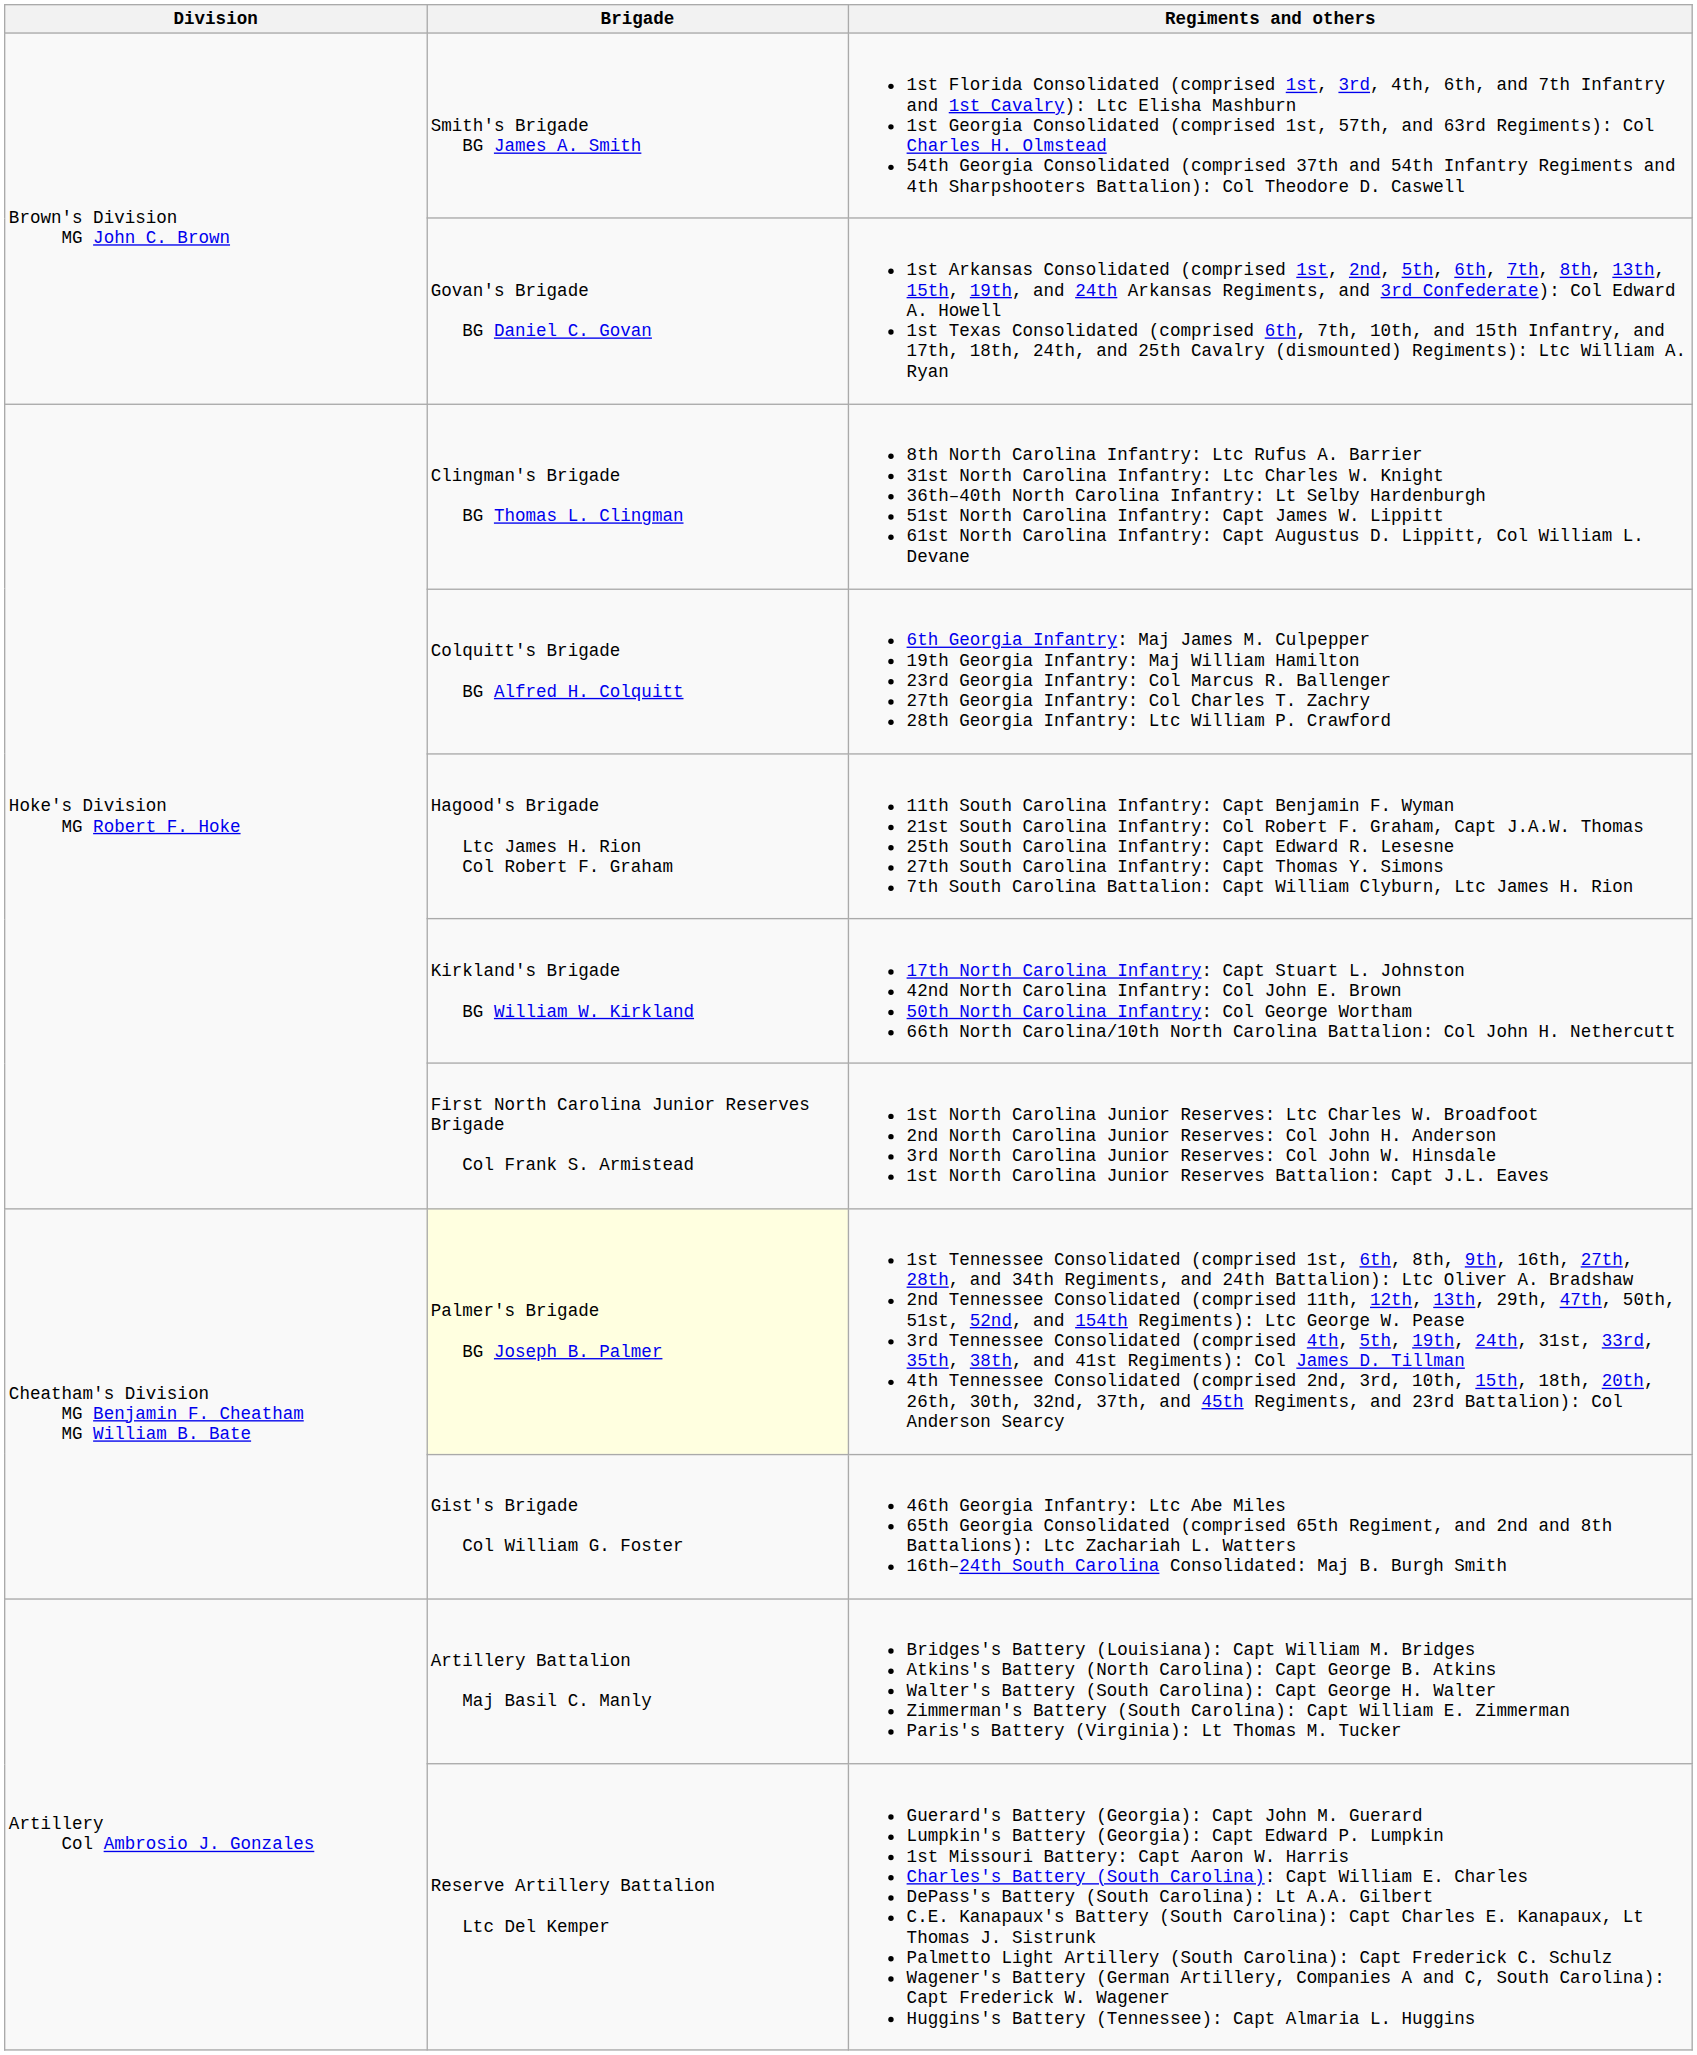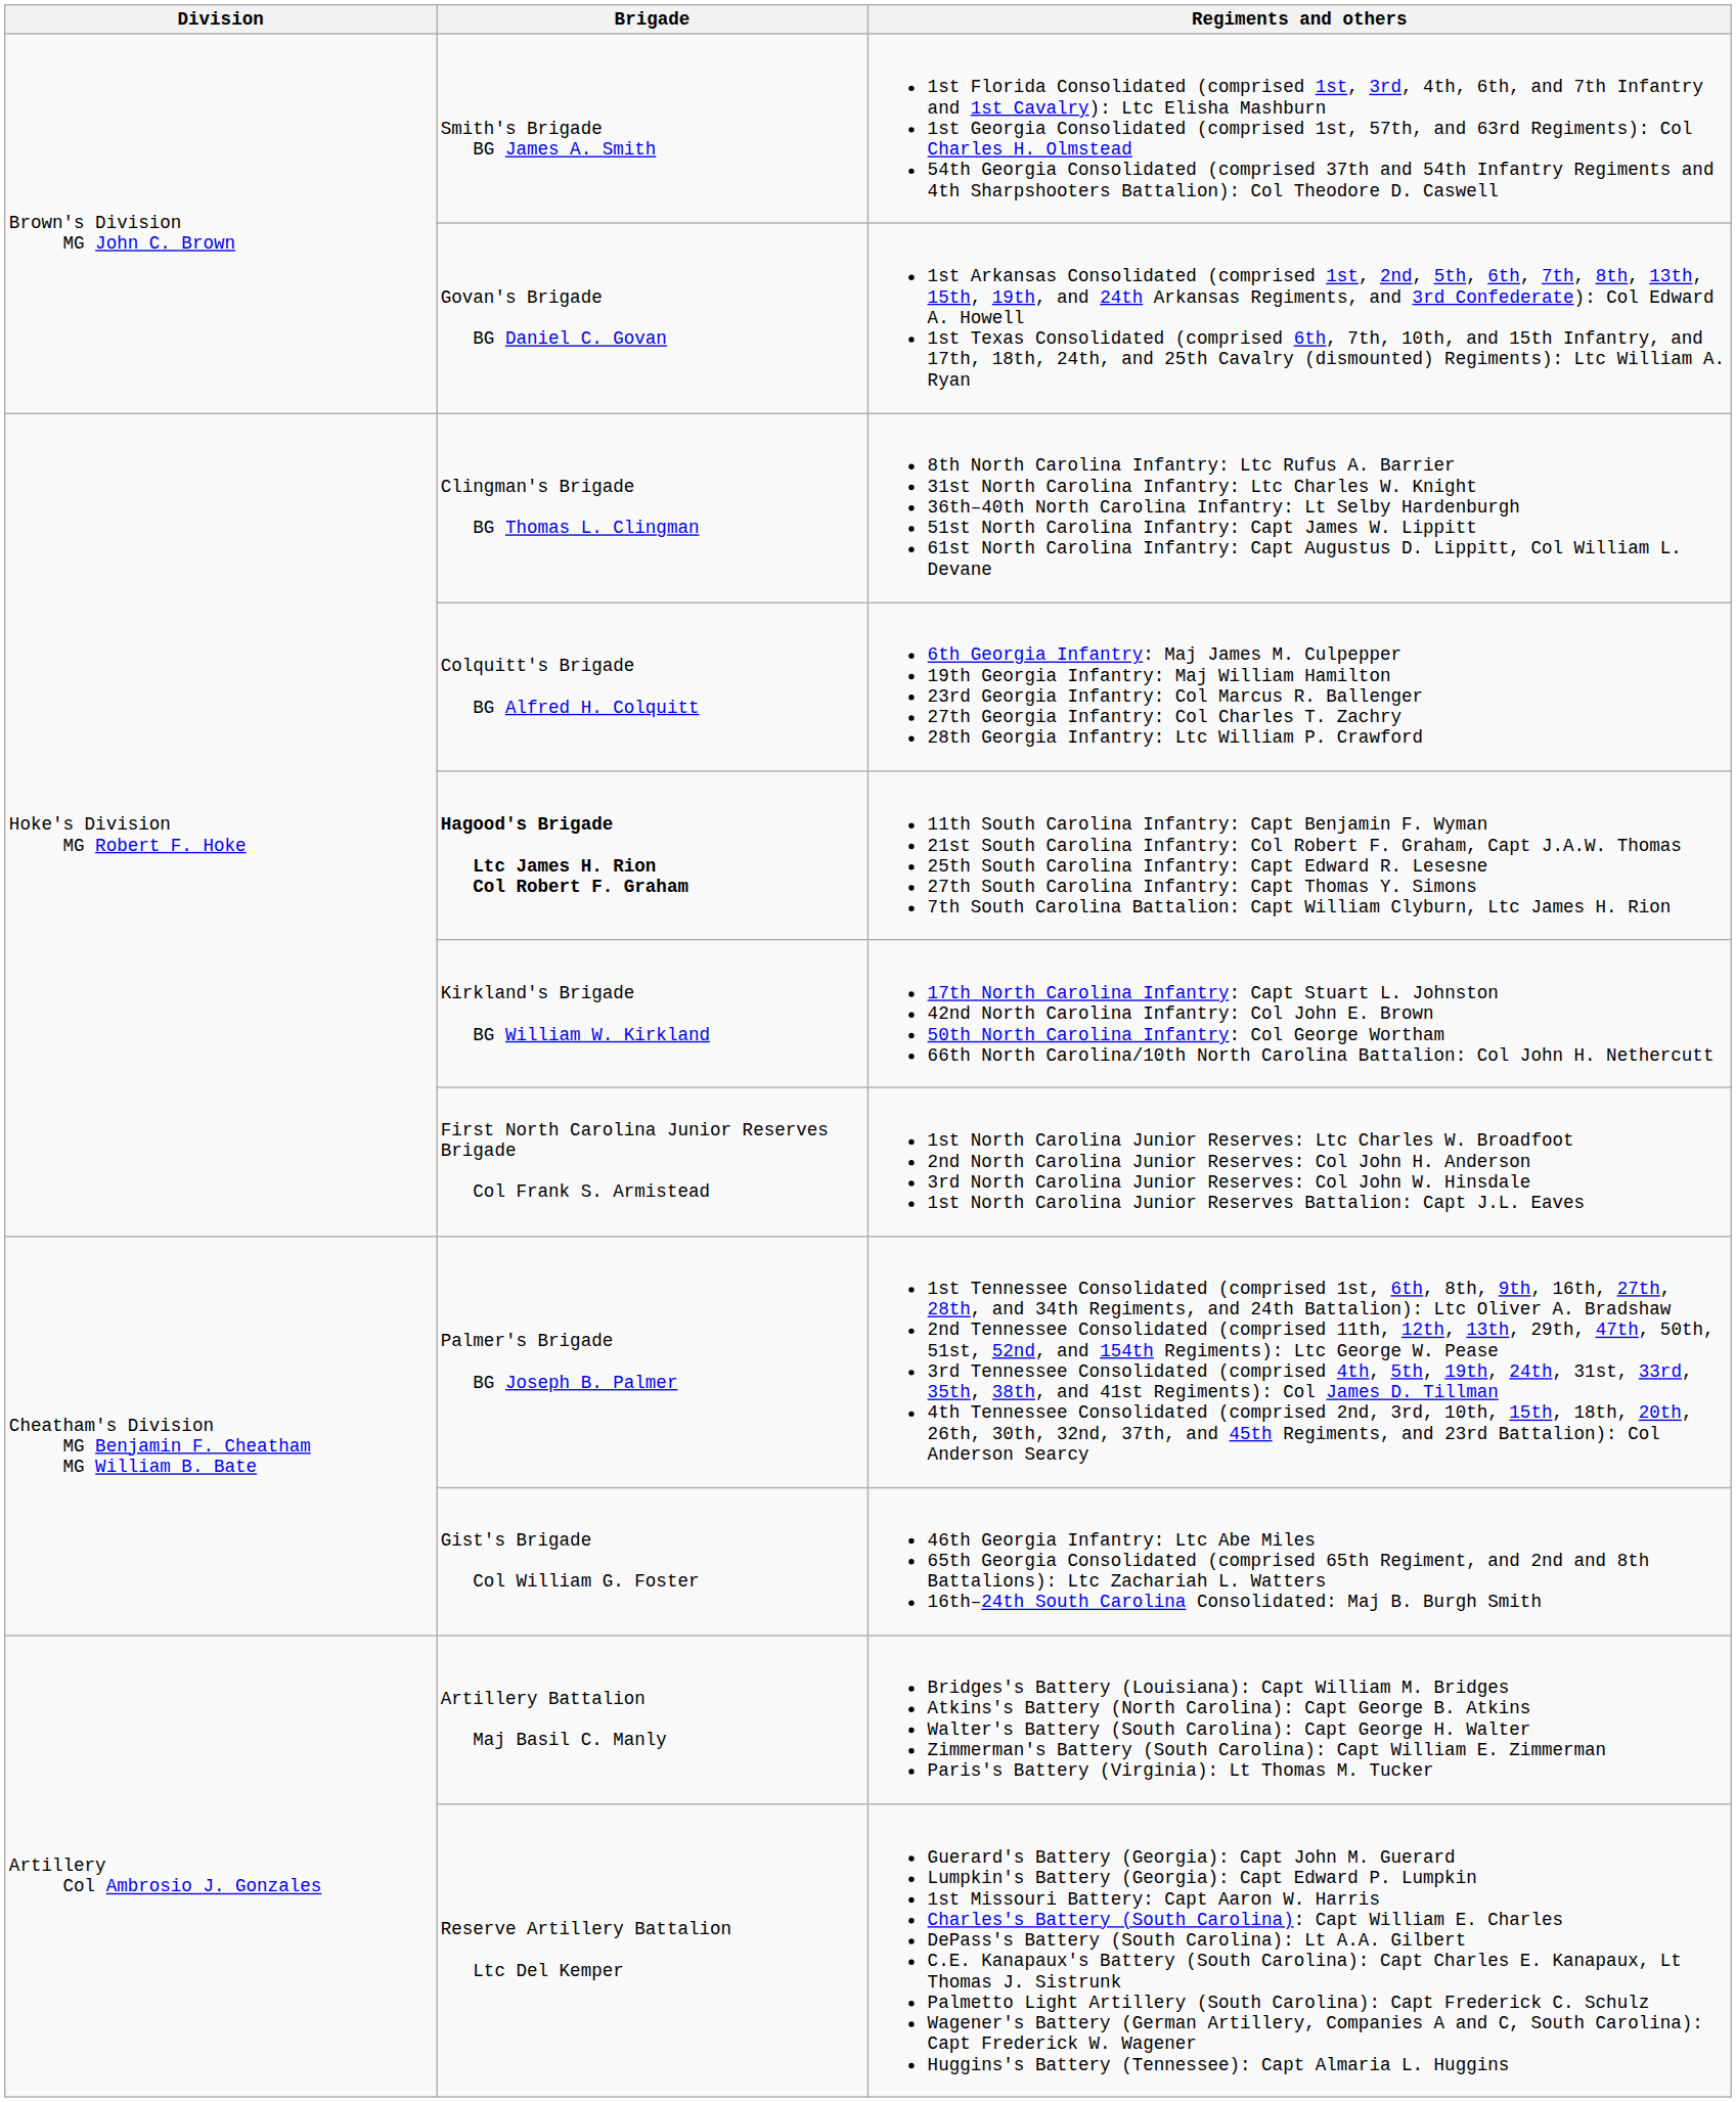 <table class="wikitable">
 <tr>
 <th width=25%>Division</th>
 <th width=25%>Brigade</th>
 <th>Regiments and others</th>
 </tr>
 <tr>
 <td rowspan= 2><br>Brown's Division <br>     MG <a href='#'>John C. Brown</a></td>
 <td><br>Smith's Brigade <br>   BG <a href='#'>James A. Smith</a></td>
 <td><br><ul><li>1st Florida Consolidated (comprised <a href='#'>1st</a>, <a href='#'>3rd</a>, 4th, 6th, and 7th Infantry and <a href='#'>1st Cavalry</a>): Ltc Elisha Mashburn</li><li>1st Georgia Consolidated (comprised 1st, 57th, and 63rd Regiments): Col <a href='#'>Charles H. Olmstead</a></li><li>54th Georgia Consolidated (comprised 37th and 54th Infantry Regiments and 4th Sharpshooters Battalion): Col Theodore D. Caswell</li></ul></td>
 </tr>
 <tr>
 <td>Govan's Brigade<br><br>   BG <a href='#'>Daniel C. Govan</a></td>
 <td><br><ul><li>1st Arkansas Consolidated (comprised <a href='#'>1st</a>, <a href='#'>2nd</a>, <a href='#'>5th</a>, <a href='#'>6th</a>, <a href='#'>7th</a>, <a href='#'>8th</a>, <a href='#'>13th</a>, <a href='#'>15th</a>, <a href='#'>19th</a>, and <a href='#'>24th</a> Arkansas Regiments, and <a href='#'>3rd Confederate</a>): Col Edward A. Howell</li><li>1st Texas Consolidated (comprised <a href='#'>6th</a>, 7th, 10th, and 15th Infantry, and 17th, 18th, 24th, and 25th Cavalry (dismounted) Regiments): Ltc William A. Ryan</li></ul></td>
 </tr>
 <tr>
 <td rowspan=5><br>Hoke's Division <br>     MG <a href='#'>Robert F. Hoke</a></td>
 <td>Clingman's Brigade<br><br>   BG <a href='#'>Thomas L. Clingman</a></td>
 <td><br><ul><li>8th North Carolina Infantry: Ltc Rufus A. Barrier</li><li>31st North Carolina Infantry: Ltc Charles W. Knight</li><li>36th–40th North Carolina Infantry: Lt Selby Hardenburgh</li><li>51st North Carolina Infantry: Capt James W. Lippitt</li><li>61st North Carolina Infantry: Capt Augustus D. Lippitt, Col William L. Devane</li></ul></td>
 </tr>
 <tr>
 <td>Colquitt's Brigade<br><br>   BG <a href='#'>Alfred H. Colquitt</a></td>
 <td><br><ul><li><a href='#'>6th Georgia Infantry</a>: Maj James M. Culpepper</li><li>19th Georgia Infantry: Maj William Hamilton</li><li>23rd Georgia Infantry: Col Marcus R. Ballenger</li><li>27th Georgia Infantry: Col Charles T. Zachry</li><li>28th Georgia Infantry: Ltc William P. Crawford</li></ul></td>
 </tr>
 <tr>
-<td>Hagood's Brigade<br><br>   Ltc James H. Rion <br>   Col Robert F. Graham</td>
+<td><strong>Hagood's Brigade<br><br>   Ltc James H. Rion <br>   Col Robert F. Graham</strong></td>
 <td><br><ul><li>11th South Carolina Infantry: Capt Benjamin F. Wyman</li><li>21st South Carolina Infantry: Col Robert F. Graham, Capt J.A.W. Thomas</li><li>25th South Carolina Infantry: Capt Edward R. Lesesne</li><li>27th South Carolina Infantry: Capt Thomas Y. Simons</li><li>7th South Carolina Battalion: Capt William Clyburn, Ltc James H. Rion</li></ul></td>
 </tr>
 <tr>
 <td>Kirkland's Brigade<br><br>   BG <a href='#'>William W. Kirkland</a></td>
 <td><br><ul><li><a href='#'>17th North Carolina Infantry</a>: Capt Stuart L. Johnston</li><li>42nd North Carolina Infantry: Col John E. Brown</li><li><a href='#'>50th North Carolina Infantry</a>: Col George Wortham</li><li>66th North Carolina/10th North Carolina Battalion: Col John H. Nethercutt</li></ul></td>
 </tr>
 <tr>
 <td>First North Carolina Junior Reserves Brigade<br><br>   Col Frank S. Armistead</td>
 <td><br><ul><li>1st North Carolina Junior Reserves: Ltc Charles W. Broadfoot</li><li>2nd North Carolina Junior Reserves: Col John H. Anderson</li><li>3rd North Carolina Junior Reserves: Col John W. Hinsdale</li><li>1st North Carolina Junior Reserves Battalion: Capt J.L. Eaves</li></ul></td>
 </tr>
 <tr>
 <td rowspan=2><br>Cheatham's Division <br>     MG <a href='#'>Benjamin F. Cheatham</a> <br>     MG <a href='#'>William B. Bate</a></td>
-<td style="background: lightyellow;">Palmer's Brigade<br><br>   BG <a href='#'>Joseph B. Palmer</a></td>
+<td>Palmer's Brigade<br><br>   BG <a href='#'>Joseph B. Palmer</a></td>
 <td><br><ul><li>1st Tennessee Consolidated (comprised 1st, <a href='#'>6th</a>, 8th, <a href='#'>9th</a>, 16th, <a href='#'>27th</a>, <a href='#'>28th</a>, and 34th Regiments, and 24th Battalion): Ltc Oliver A. Bradshaw</li><li>2nd Tennessee Consolidated (comprised 11th, <a href='#'>12th</a>, <a href='#'>13th</a>, 29th, <a href='#'>47th</a>, 50th, 51st, <a href='#'>52nd</a>, and <a href='#'>154th</a> Regiments): Ltc George W. Pease</li><li>3rd Tennessee Consolidated (comprised <a href='#'>4th</a>, <a href='#'>5th</a>, <a href='#'>19th</a>, <a href='#'>24th</a>, 31st, <a href='#'>33rd</a>, <a href='#'>35th</a>, <a href='#'>38th</a>, and 41st Regiments): Col <a href='#'>James D. Tillman</a></li><li>4th Tennessee Consolidated (comprised 2nd, 3rd, 10th, <a href='#'>15th</a>, 18th, <a href='#'>20th</a>, 26th, 30th, 32nd, 37th, and <a href='#'>45th</a> Regiments, and 23rd Battalion): Col Anderson Searcy</li></ul></td>
 </tr>
 <tr>
 <td>Gist's Brigade<br><br>   Col William G. Foster</td>
 <td><br><ul><li>46th Georgia Infantry: Ltc Abe Miles</li><li>65th Georgia Consolidated (comprised 65th Regiment, and 2nd and 8th Battalions): Ltc Zachariah L. Watters</li><li>16th–<a href='#'>24th South Carolina</a> Consolidated: Maj B. Burgh Smith</li></ul></td>
 </tr>
 <tr>
 <td rowspan=2><br>Artillery <br>     Col <a href='#'>Ambrosio J. Gonzales</a></td>
 <td>Artillery Battalion<br><br>   Maj Basil C. Manly</td>
 <td><br><ul><li>Bridges's Battery (Louisiana): Capt William M. Bridges</li><li>Atkins's Battery (North Carolina): Capt George B. Atkins</li><li>Walter's Battery (South Carolina): Capt George H. Walter</li><li>Zimmerman's Battery (South Carolina): Capt William E. Zimmerman</li><li>Paris's Battery (Virginia): Lt Thomas M. Tucker</li></ul></td>
 </tr>
 <tr>
 <td>Reserve Artillery Battalion<br><br>   Ltc Del Kemper</td>
 <td><br><ul><li>Guerard's Battery (Georgia): Capt John M. Guerard</li><li>Lumpkin's Battery (Georgia): Capt Edward P. Lumpkin</li><li>1st Missouri Battery: Capt Aaron W. Harris</li><li><a href='#'>Charles's Battery (South Carolina)</a>: Capt William E. Charles</li><li>DePass's Battery (South Carolina): Lt A.A. Gilbert</li><li>C.E. Kanapaux's Battery (South Carolina): Capt Charles E. Kanapaux, Lt Thomas J. Sistrunk</li><li>Palmetto Light Artillery (South Carolina): Capt Frederick C. Schulz</li><li>Wagener's Battery (German Artillery, Companies A and C, South Carolina): Capt Frederick W. Wagener</li><li>Huggins's Battery (Tennessee): Capt Almaria L. Huggins</li></ul></td>
 </tr>
 </table>
